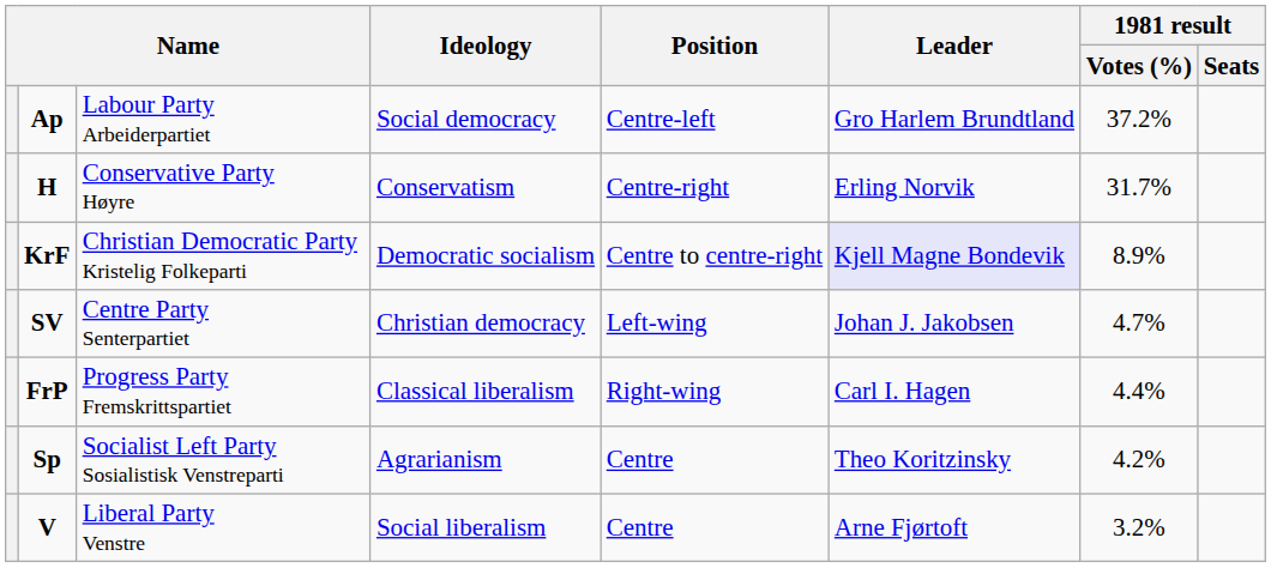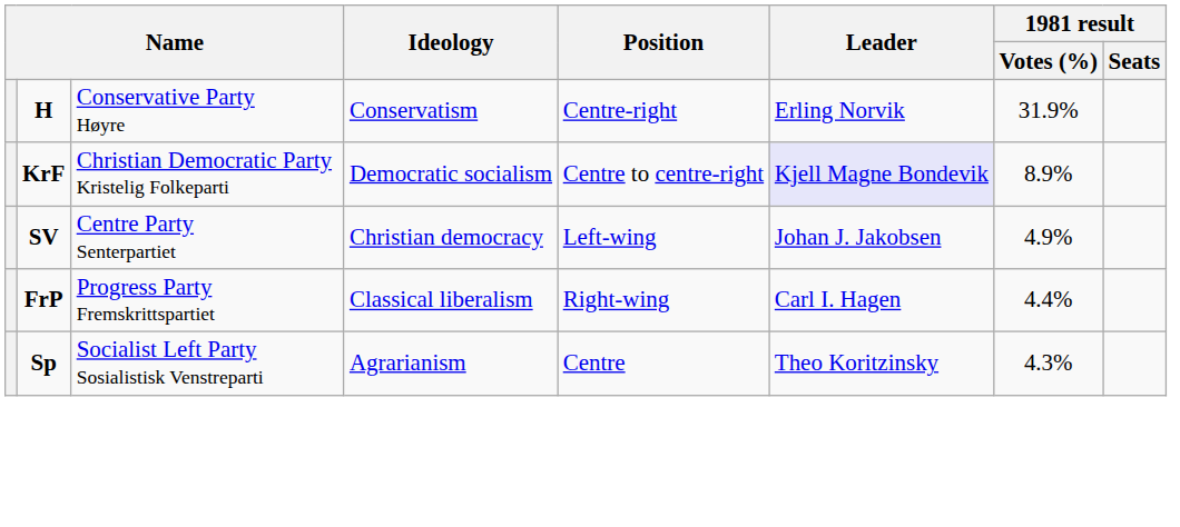 <table class="wikitable">
 <tr>
 <th rowspan=2 colspan=3 width=225px>Name</th>
 <th rowspan=2>Ideology</th>
 <th rowspan=2>Position</th>
 <th rowspan=2>Leader</th>
 <th colspan=2>1981 result</th>
 </tr>
 <tr>
 <th>Votes (%)</th>
 <th>Seats</th>
 </tr>
 <tr>
 <th style="background:"></th>
-<td align=center><strong>Ap</strong></td>
-<td><a href='#'>Labour Party</a><br><small>Arbeiderpartiet</small></td>
-<td><a href='#'>Social democracy</a></td>
-<td><a href='#'>Centre-left</a></td>
-<td><a href='#'>Gro Harlem Brundtland</a></td>
-<td align=center>37.2%</td>
-<td></td>
-</tr>
-<tr>
-<th style="background:"></th>
 <td align=center><strong>H</strong></td>
 <td><a href='#'>Conservative Party</a><br><small>Høyre</small></td>
 <td><a href='#'>Conservatism</a></td>
 <td><a href='#'>Centre-right</a></td>
 <td><a href='#'>Erling Norvik</a></td>
-<td align=center>31.7%</td>
+<td align=center>31.9%</td>
 <td></td>
 </tr>
 <tr>
 <th style="background:"></th>
 <td align="center"><strong>KrF</strong></td>
 <td><a href='#'>Christian Democratic Party</a><br><small>Kristelig Folkeparti</small></td>
 <td><a href='#'>Democratic socialism</a></td>
 <td><a href='#'>Centre</a> to <a href='#'>centre-right</a></td>
 <td style="background: lavender;"><a href='#'>Kjell Magne Bondevik</a></td>
 <td align="center">8.9%</td>
 <td></td>
 </tr>
 <tr>
 <th style="background:"></th>
 <td align="center"><strong>SV</strong></td>
 <td><a href='#'>Centre Party</a><br><small>Senterpartiet</small></td>
 <td><a href='#'>Christian democracy</a></td>
 <td><a href='#'>Left-wing</a></td>
 <td><a href='#'>Johan J. Jakobsen</a></td>
-<td align="center">4.7%</td>
+<td align="center">4.9%</td>
 <td></td>
 </tr>
 <tr>
 <th style="background:"></th>
 <td align="center"><strong>FrP</strong></td>
 <td><a href='#'>Progress Party</a><br><small>Fremskrittspartiet</small></td>
 <td><a href='#'>Classical liberalism</a></td>
 <td><a href='#'>Right-wing</a></td>
 <td><a href='#'>Carl I. Hagen</a></td>
 <td align="center">4.4%</td>
 <td></td>
 </tr>
 <tr>
 <th style="background:"></th>
 <td align="center"><strong>Sp</strong></td>
 <td><a href='#'>Socialist Left Party</a><br><small>Sosialistisk Venstreparti</small></td>
 <td><a href='#'>Agrarianism</a></td>
 <td><a href='#'>Centre</a></td>
 <td><a href='#'>Theo Koritzinsky</a></td>
-<td align="center">4.2%</td>
-<td></td>
-</tr>
-<tr>
-<th style="background:"></th>
-<td align="center"><strong>V</strong></td>
-<td><a href='#'>Liberal Party</a><br><small>Venstre</small></td>
-<td><a href='#'>Social liberalism</a></td>
-<td><a href='#'>Centre</a></td>
-<td><a href='#'>Arne Fjørtoft</a></td>
-<td align="center">3.2%</td>
+<td align="center">4.3%</td>
 <td></td>
 </tr>
 </table>
